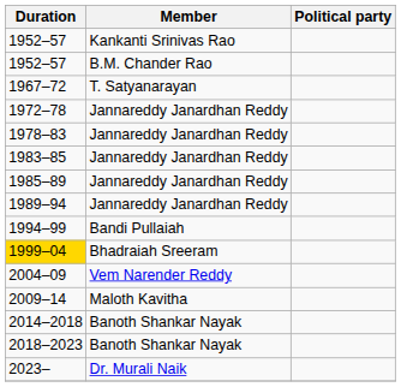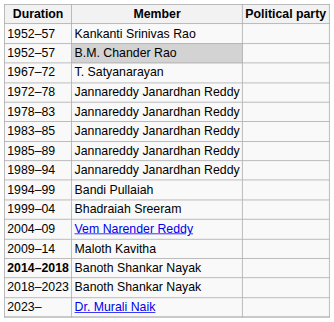 <table class="wikitable sortable">
 <tr>
 <th>Duration</th>
 <th>Member</th>
 <th colspan="2">Political party</th>
 </tr>
 <tr>
 <td>1952–57</td>
 <td>Kankanti Srinivas Rao</td>
 <td></td>
 </tr>
 <tr>
 <td>1952–57</td>
-<td>B.M. 	Chander Rao</td>
+<td style="background: lightgrey;">B.M. 	Chander Rao</td>
 <td></td>
 </tr>
 <tr>
 <td>1967–72</td>
 <td>T. Satyanarayan</td>
 <td></td>
 </tr>
 <tr>
 <td>1972–78</td>
 <td>Jannareddy Janardhan Reddy</td>
 <td></td>
 </tr>
 <tr>
 <td>1978–83</td>
 <td>Jannareddy Janardhan Reddy</td>
 <td></td>
 </tr>
 <tr>
 <td>1983–85</td>
 <td>Jannareddy Janardhan Reddy</td>
 <td></td>
 </tr>
 <tr>
 <td>1985–89</td>
 <td>Jannareddy Janardhan Reddy</td>
 <td></td>
 </tr>
 <tr>
 <td>1989–94</td>
 <td>Jannareddy Janardhan Reddy</td>
 <td></td>
 </tr>
 <tr>
 <td>1994–99</td>
 <td>Bandi Pullaiah</td>
 <td></td>
 </tr>
 <tr>
-<td style="background: gold;">1999–04</td>
+<td>1999–04</td>
 <td>Bhadraiah Sreeram</td>
 <td></td>
 </tr>
 <tr>
 <td>2004–09</td>
 <td><a href='#'>Vem Narender Reddy</a></td>
 <td></td>
 </tr>
 <tr>
 <td>2009–14</td>
 <td>Maloth Kavitha</td>
 <td></td>
 </tr>
 <tr>
-<td>2014–2018</td>
+<td><strong>2014–2018</strong></td>
 <td>Banoth Shankar Nayak</td>
 <td></td>
 </tr>
 <tr>
 <td>2018–2023</td>
 <td>Banoth Shankar Nayak</td>
 <td></td>
 </tr>
 <tr>
 <td>2023–</td>
 <td><a href='#'>Dr. Murali Naik</a></td>
 <td></td>
 </tr>
 <tr>
 </tr>
 </table>
